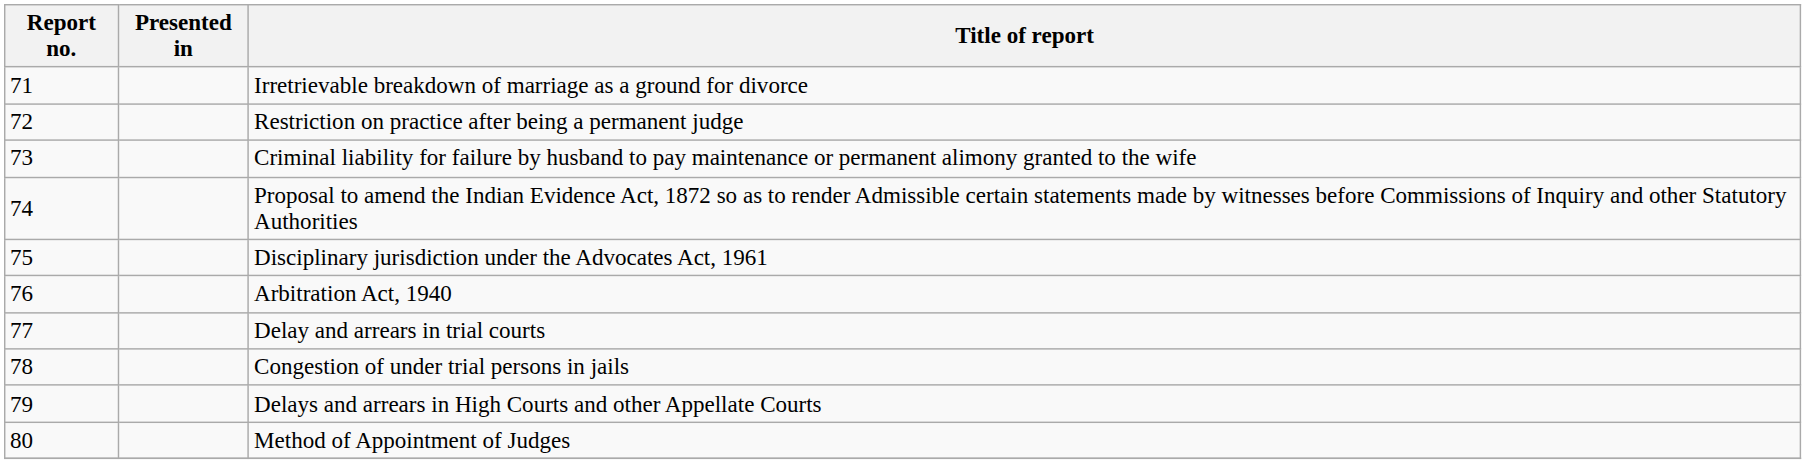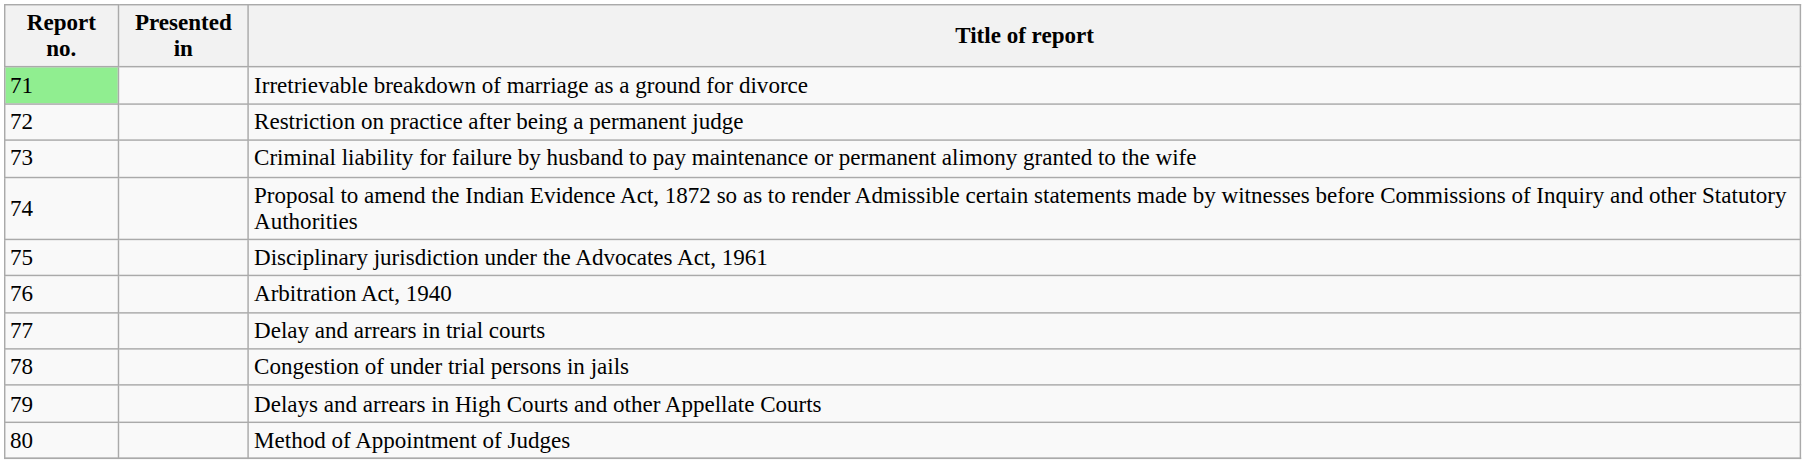 <table class="wikitable">
 <tr>
 <th>Report no.</th>
 <th>Presented in</th>
 <th>Title of report</th>
 </tr>
 <tr>
-<td>71</td>
+<td style="background: lightgreen;">71</td>
 <td></td>
 <td>Irretrievable breakdown of marriage as a ground for divorce</td>
 </tr>
 <tr>
 <td>72</td>
 <td></td>
 <td>Restriction on practice after being a permanent judge</td>
 </tr>
 <tr>
 <td>73</td>
 <td></td>
 <td>Criminal liability for failure by husband to pay maintenance or permanent alimony granted to the wife</td>
 </tr>
 <tr>
 <td>74</td>
 <td></td>
 <td>Proposal to amend the Indian Evidence Act, 1872 so as to render Admissible certain statements made by witnesses before Commissions of Inquiry and other Statutory Authorities</td>
 </tr>
 <tr>
 <td>75</td>
 <td></td>
 <td>Disciplinary jurisdiction under the Advocates Act, 1961</td>
 </tr>
 <tr>
 <td>76</td>
 <td></td>
 <td>Arbitration Act, 1940</td>
 </tr>
 <tr>
 <td>77</td>
 <td></td>
 <td>Delay and arrears in trial courts</td>
 </tr>
 <tr>
 <td>78</td>
 <td></td>
 <td>Congestion of under trial persons in jails</td>
 </tr>
 <tr>
 <td>79</td>
 <td></td>
 <td>Delays and arrears in High Courts and other Appellate Courts</td>
 </tr>
 <tr>
 <td>80</td>
 <td></td>
 <td>Method of Appointment of Judges</td>
 </tr>
 <tr>
 </tr>
 </table>
